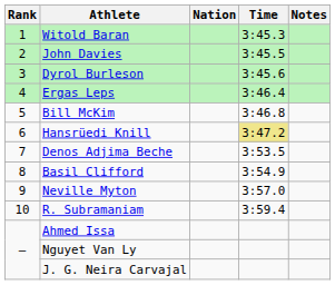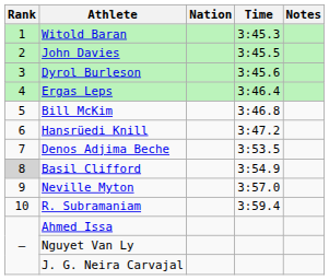 <table class="wikitable sortable" style="text-align:center">
 <tr>
 <th>Rank</th>
 <th>Athlete</th>
 <th>Nation</th>
 <th>Time</th>
 <th>Notes</th>
 </tr>
 <tr bgcolor=bbf3bb>
 <td>1</td>
 <td align=left><a href='#'>Witold Baran</a></td>
 <td align=left></td>
 <td>3:45.3</td>
 <td></td>
 </tr>
 <tr bgcolor=bbf3bb>
 <td>2</td>
 <td align=left><a href='#'>John Davies</a></td>
 <td align=left></td>
 <td>3:45.5</td>
 <td></td>
 </tr>
 <tr bgcolor=bbf3bb>
 <td>3</td>
 <td align=left><a href='#'>Dyrol Burleson</a></td>
 <td align=left></td>
 <td>3:45.6</td>
 <td></td>
 </tr>
 <tr bgcolor=bbf3bb>
 <td>4</td>
 <td align=left><a href='#'>Ergas Leps</a></td>
 <td align=left></td>
 <td>3:46.4</td>
 <td></td>
 </tr>
 <tr>
 <td>5</td>
 <td align=left><a href='#'>Bill McKim</a></td>
 <td align=left></td>
 <td>3:46.8</td>
 <td></td>
 </tr>
 <tr>
 <td>6</td>
 <td align=left><a href='#'>Hansrüedi Knill</a></td>
 <td align=left></td>
-<td style="background: khaki;">3:47.2</td>
+<td>3:47.2</td>
 <td></td>
 </tr>
 <tr>
 <td>7</td>
 <td align=left><a href='#'>Denos Adjima Beche</a></td>
 <td align=left></td>
 <td>3:53.5</td>
 <td></td>
 </tr>
 <tr>
-<td>8</td>
+<td style="background: lightgrey;">8</td>
 <td align=left><a href='#'>Basil Clifford</a></td>
 <td align=left></td>
 <td>3:54.9</td>
 <td></td>
 </tr>
 <tr>
 <td>9</td>
 <td align=left><a href='#'>Neville Myton</a></td>
 <td align=left></td>
 <td>3:57.0</td>
 <td></td>
 </tr>
 <tr>
 <td>10</td>
 <td align=left><a href='#'>R. Subramaniam</a></td>
 <td align=left></td>
 <td>3:59.4</td>
 <td></td>
 </tr>
 <tr>
 <td rowspan=3 data-sort-value=11>—</td>
 <td align=left><a href='#'>Ahmed Issa</a></td>
 <td align=left></td>
 <td></td>
 <td></td>
 </tr>
 <tr>
 <td align=left>Nguyet Van Ly</td>
 <td align=left></td>
 <td></td>
 <td></td>
 </tr>
 <tr>
 <td align=left>J. G. Neira Carvajal</td>
 <td align=left></td>
 <td></td>
 <td></td>
 </tr>
 </table>
